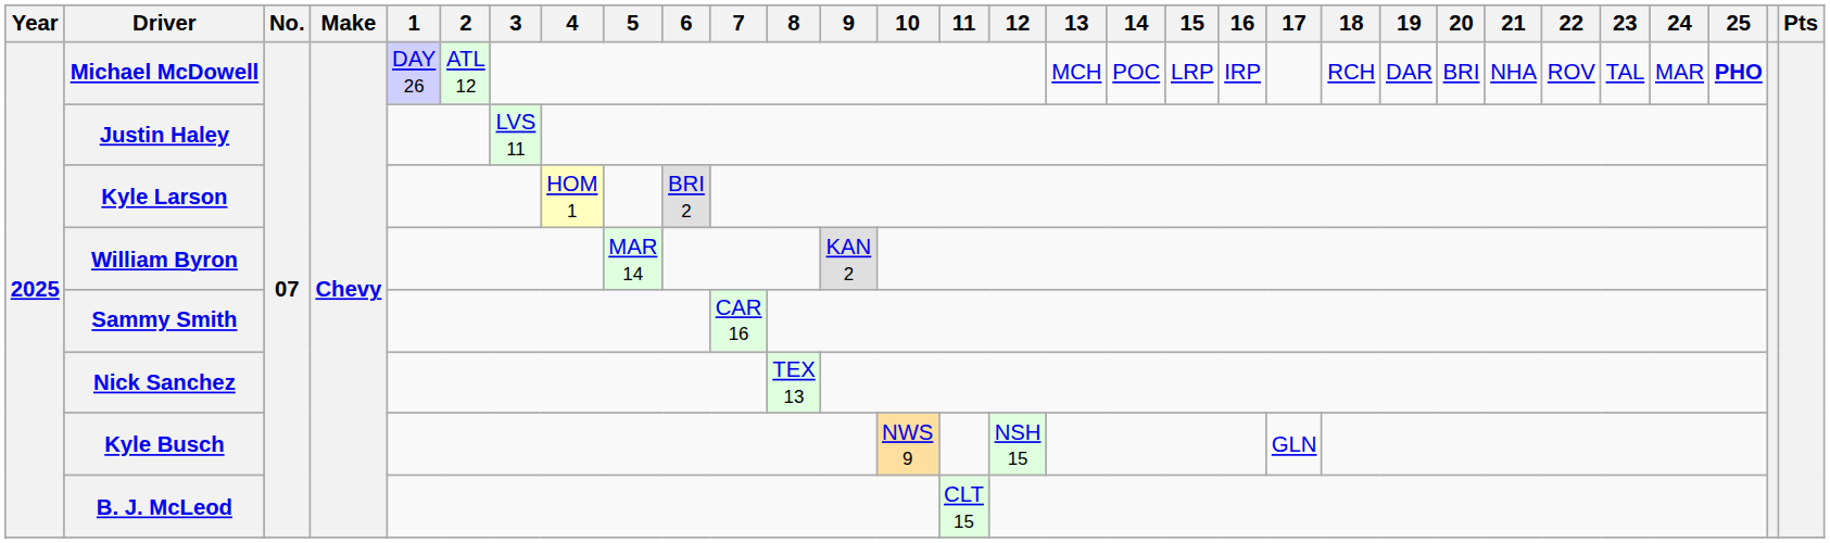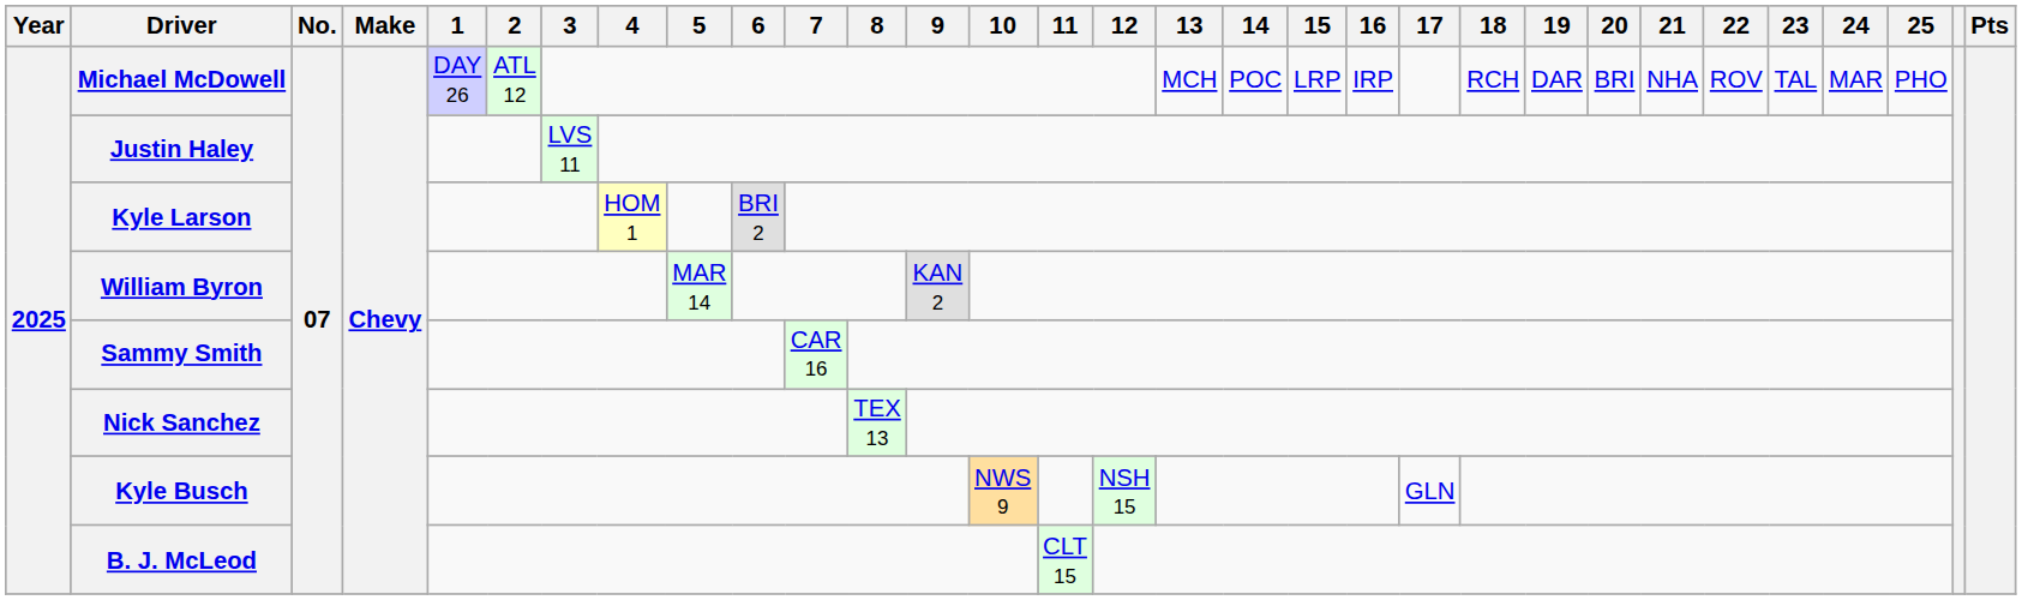 <table class="wikitable" style="text-align:center; font-size:75%">
 <tr>
 <th>Year</th>
 <th>Driver</th>
 <th>No.</th>
 <th>Make</th>
 <th>1</th>
 <th>2</th>
 <th>3</th>
 <th>4</th>
 <th>5</th>
 <th>6</th>
 <th>7</th>
 <th>8</th>
 <th>9</th>
 <th>10</th>
 <th>11</th>
 <th>12</th>
 <th>13</th>
 <th>14</th>
 <th>15</th>
 <th>16</th>
 <th>17</th>
 <th>18</th>
 <th>19</th>
 <th>20</th>
 <th>21</th>
 <th>22</th>
 <th>23</th>
 <th>24</th>
 <th>25</th>
 <th></th>
 <th>Pts</th>
 </tr>
 <tr>
 <th rowspan="8"><a href='#'>2025</a></th>
 <th><a href='#'>Michael McDowell</a></th>
 <th rowspan="8">07</th>
 <th rowspan="8"><a href='#'>Chevy</a></th>
 <td style="background:#CFCFFF;"><a href='#'>DAY</a><br><small>26</small></td>
 <td style="background:#DFFFDF;"><a href='#'>ATL</a><br><small>12</small></td>
 <td colspan="10"></td>
 <td><a href='#'>MCH</a></td>
 <td><a href='#'>POC</a></td>
 <td><a href='#'>LRP</a></td>
 <td><a href='#'>IRP</a></td>
 <td></td>
 <td><a href='#'>RCH</a></td>
 <td><a href='#'>DAR</a></td>
 <td><a href='#'>BRI</a></td>
 <td><a href='#'>NHA</a></td>
 <td><a href='#'>ROV</a></td>
 <td><a href='#'>TAL</a></td>
 <td><a href='#'>MAR</a></td>
-<td><strong><a href='#'>PHO</a></strong></td>
+<td><a href='#'>PHO</a></td>
 <th rowspan="8"></th>
 <th rowspan="8"></th>
 </tr>
 <tr>
 <th><a href='#'>Justin Haley</a></th>
 <td colspan="2"></td>
 <td style="background:#DFFFDF;"><a href='#'>LVS</a><br><small>11</small></td>
 <td colspan="22"></td>
 </tr>
 <tr>
 <th><a href='#'>Kyle Larson</a></th>
 <td colspan="3"></td>
 <td style="background:#FFFFBF;"><a href='#'>HOM</a><br><small>1</small></td>
 <td></td>
 <td style="background:#DFDFDF;"><a href='#'>BRI</a><br><small>2</small></td>
 <td colspan="19"></td>
 </tr>
 <tr>
 <th><a href='#'>William Byron</a></th>
 <td colspan="4"></td>
 <td style="background:#DFFFDF;"><a href='#'>MAR</a><br><small>14</small></td>
 <td colspan="3"></td>
 <td style="background:#DFDFDF;"><a href='#'>KAN</a><br><small>2</small></td>
 <td colspan="16"></td>
 </tr>
 <tr>
 <th><a href='#'>Sammy Smith</a></th>
 <td colspan="6"></td>
 <td style="background:#DFFFDF;"><a href='#'>CAR</a><br><small>16</small></td>
 <td colspan="18"></td>
 </tr>
 <tr>
 <th><a href='#'>Nick Sanchez</a></th>
 <td colspan="7"></td>
 <td style="background:#DFFFDF;"><a href='#'>TEX</a><br><small>13</small></td>
 <td colspan="17"></td>
 </tr>
 <tr>
 <th><a href='#'>Kyle Busch</a></th>
 <td colspan="9"></td>
 <td style="background:#FFDF9F;"><a href='#'>NWS</a><br><small>9</small></td>
 <td></td>
 <td style="background:#DFFFDF;"><a href='#'>NSH</a><br><small>15</small></td>
 <td colspan="4"></td>
 <td><a href='#'>GLN</a></td>
 <td colspan="8"></td>
 </tr>
 <tr>
 <th><a href='#'>B. J. McLeod</a></th>
 <td colspan="10"></td>
 <td style="background:#DFFFDF;"><a href='#'>CLT</a><br><small>15</small></td>
 <td colspan="14"></td>
 </tr>
 </table>
